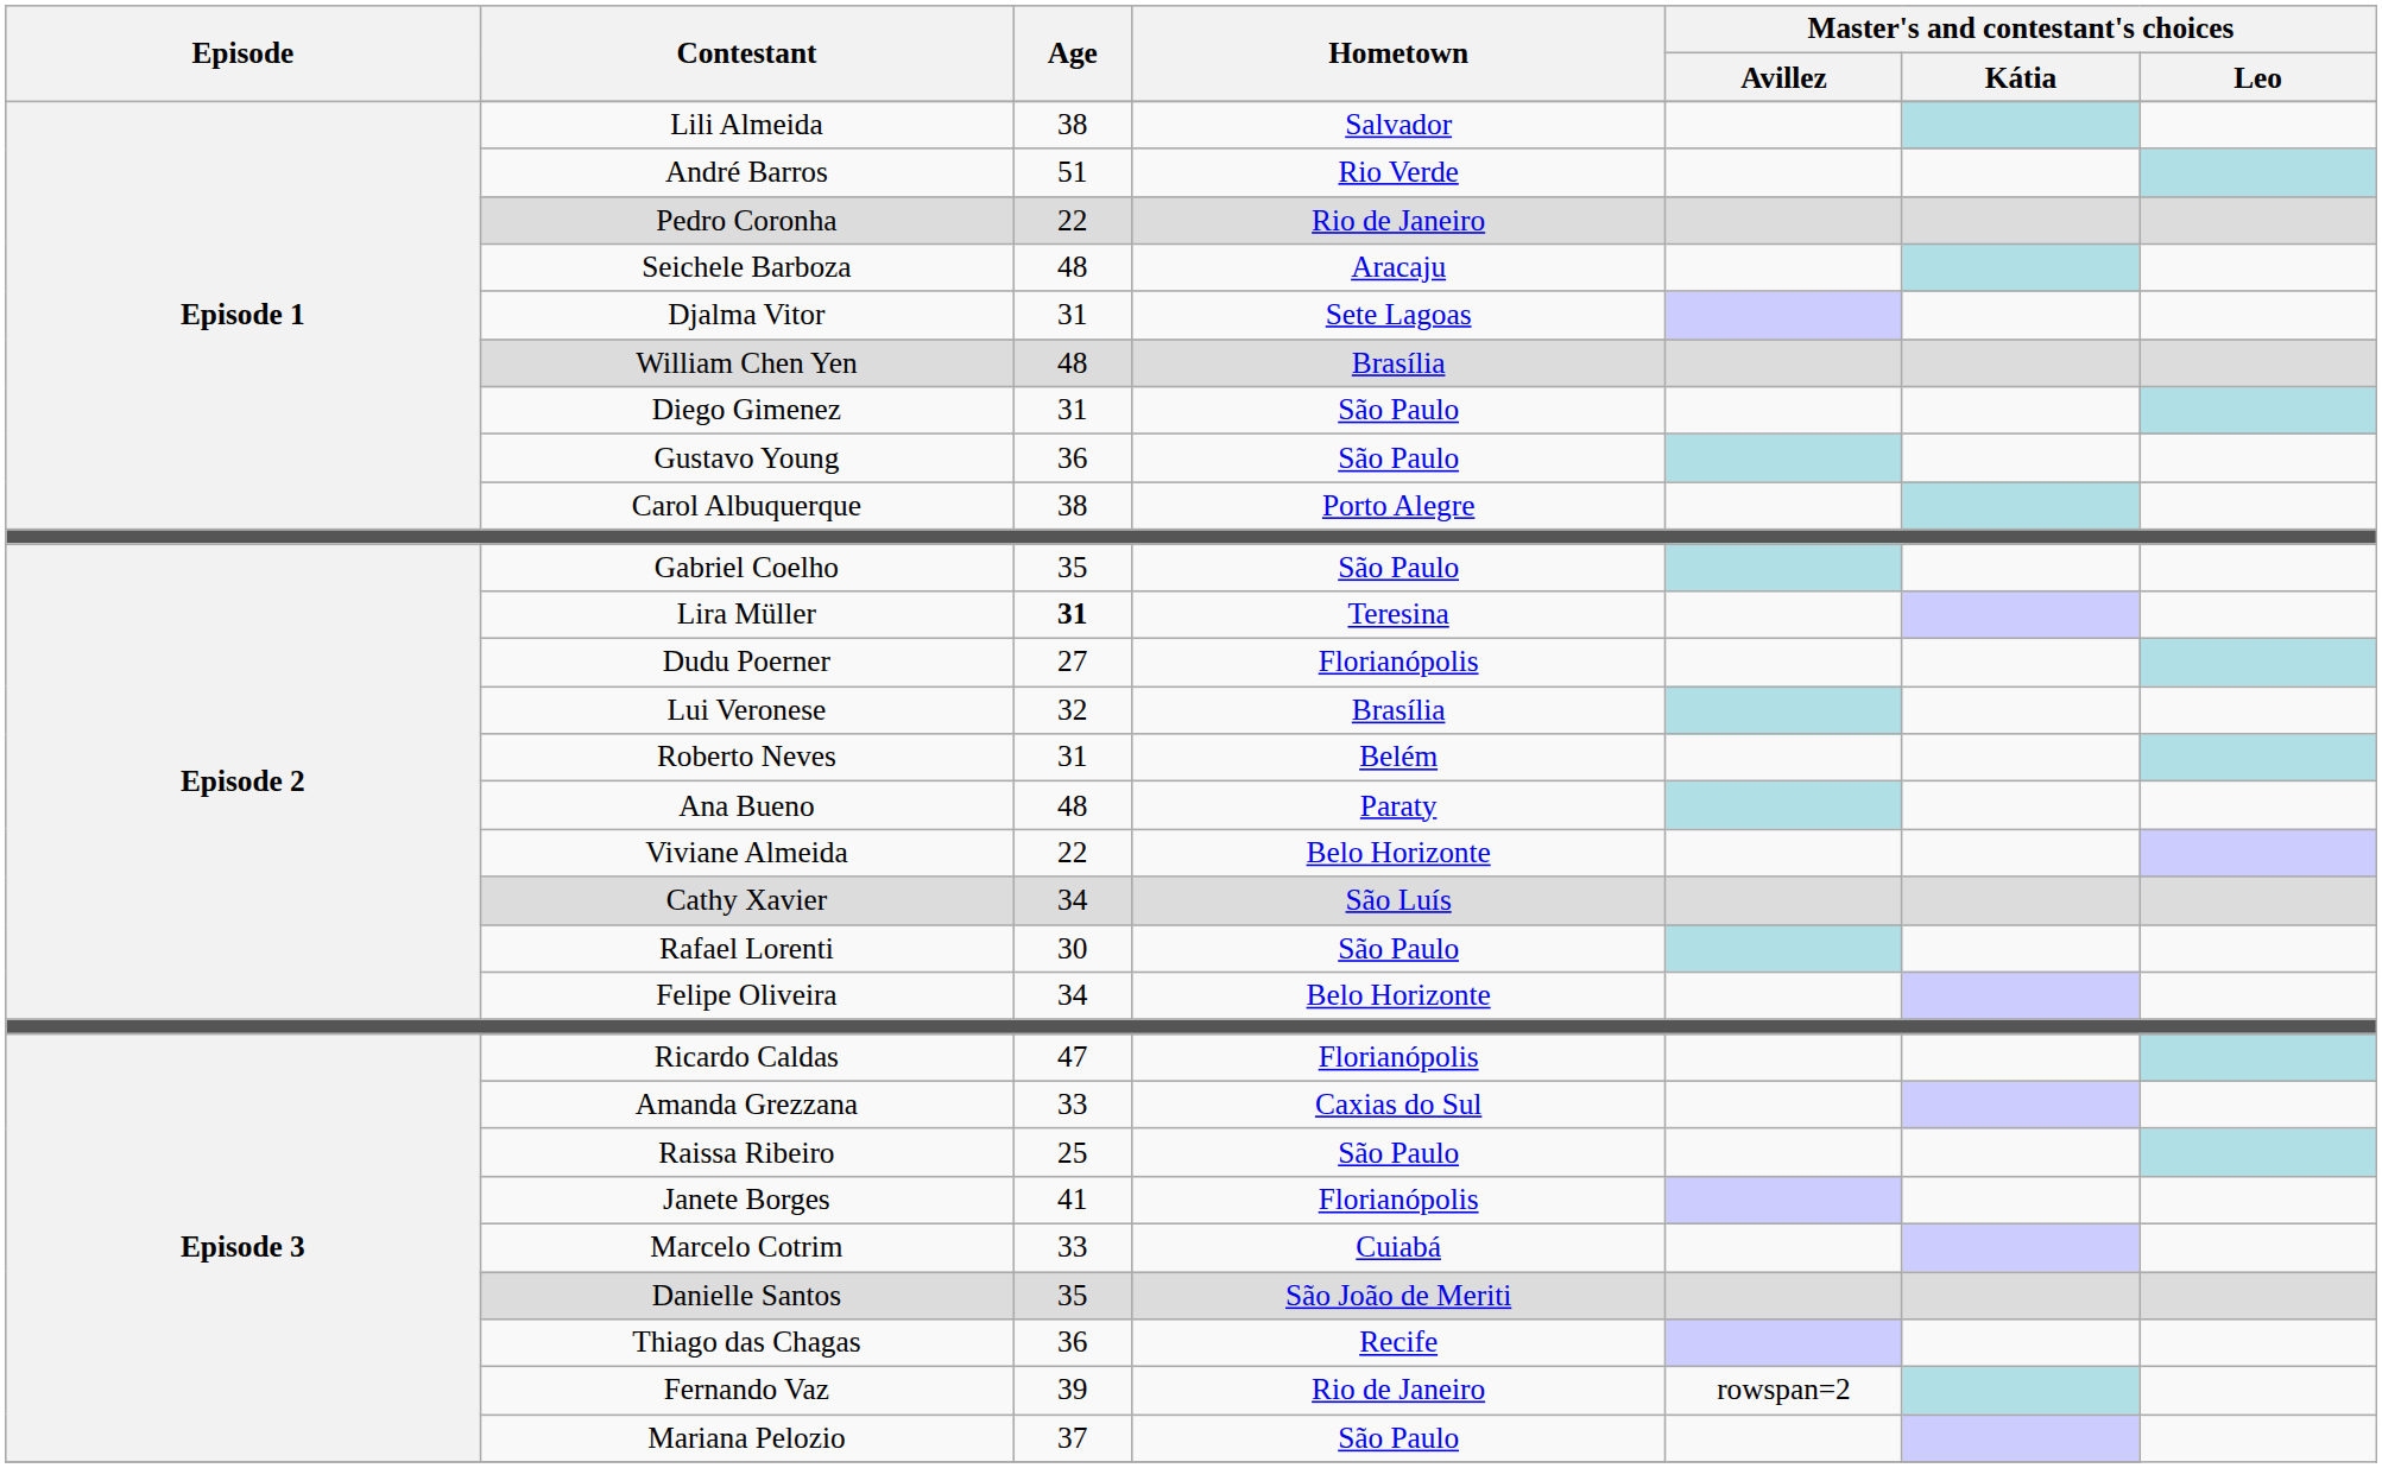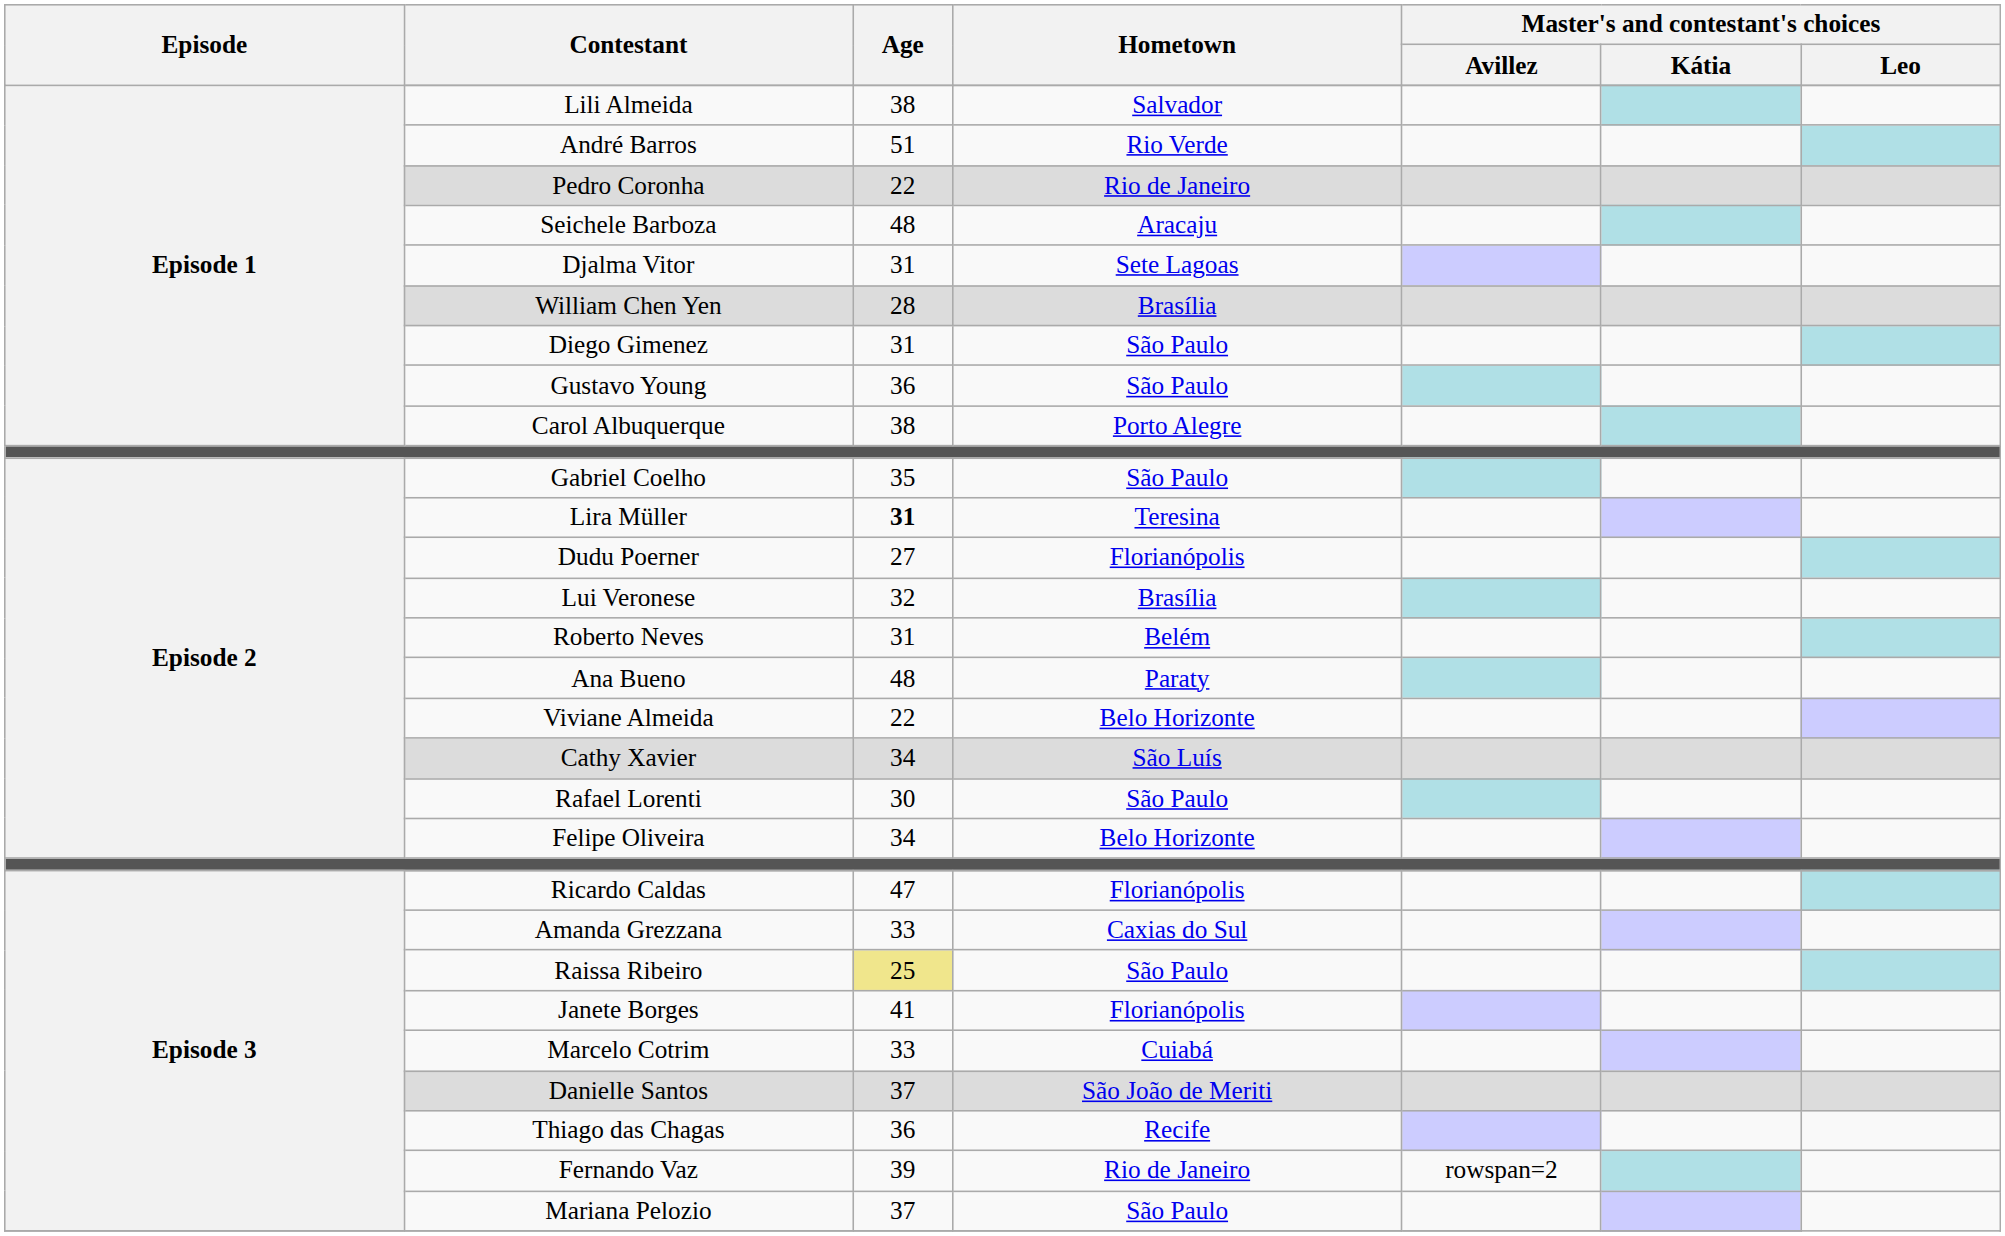 <table class="wikitable" style="text-align:center; width:100%;">
 <tr>
 <th scope="col" rowspan=2 width="20.0%">Episode</th>
 <th scope="col" rowspan=2 width="22.5%">Contestant</th>
 <th scope="col" rowspan=2 width="05.0%">Age</th>
 <th scope="col" rowspan=2 width="22.5%">Hometown</th>
 <th scope="col" colspan=3 width="30.0%">Master's and contestant's choices</th>
 </tr>
 <tr>
 <th width="10%">Avillez</th>
 <th width="10%">Kátia</th>
 <th width="10%">Leo</th>
 </tr>
 <tr>
 <th rowspan=10>Episode 1<br></th>
 </tr>
 <tr>
 <td>Lili Almeida</td>
 <td>38</td>
 <td><a href='#'>Salvador</a></td>
 <td></td>
 <td bgcolor=B0E0E6></td>
 <td></td>
 </tr>
 <tr>
 <td>André Barros</td>
 <td>51</td>
 <td><a href='#'>Rio Verde</a></td>
 <td></td>
 <td></td>
 <td bgcolor=B0E0E6></td>
 </tr>
 <tr bgcolor=DCDCDC>
 <td>Pedro Coronha</td>
 <td>22</td>
 <td><a href='#'>Rio de Janeiro</a></td>
 <td></td>
 <td></td>
 <td></td>
 </tr>
 <tr>
 <td>Seichele Barboza</td>
 <td>48</td>
 <td><a href='#'>Aracaju</a></td>
 <td></td>
 <td bgcolor=B0E0E6></td>
 <td></td>
 </tr>
 <tr>
 <td>Djalma Vitor</td>
 <td>31</td>
 <td><a href='#'>Sete Lagoas</a></td>
 <td bgcolor=CCCCFF></td>
 <td></td>
 <td></td>
 </tr>
 <tr bgcolor=DCDCDC>
 <td>William Chen Yen</td>
-<td>48</td>
+<td>28</td>
 <td><a href='#'>Brasília</a></td>
 <td></td>
 <td></td>
 <td></td>
 </tr>
 <tr>
 <td>Diego Gimenez</td>
 <td>31</td>
 <td><a href='#'>São Paulo</a></td>
 <td></td>
 <td></td>
 <td bgcolor=B0E0E6></td>
 </tr>
 <tr>
 <td>Gustavo Young</td>
 <td>36</td>
 <td><a href='#'>São Paulo</a></td>
 <td bgcolor=B0E0E6></td>
 <td></td>
 <td></td>
 </tr>
 <tr>
 <td>Carol Albuquerque</td>
 <td>38</td>
 <td><a href='#'>Porto Alegre</a></td>
 <td></td>
 <td bgcolor=B0E0E6></td>
 <td></td>
 </tr>
 <tr>
 <td colspan=7 bgcolor=555555></td>
 </tr>
 <tr>
 <th rowspan=10>Episode 2<br></th>
 <td>Gabriel Coelho</td>
 <td>35</td>
 <td><a href='#'>São Paulo</a></td>
 <td bgcolor=B0E0E6></td>
 <td></td>
 <td></td>
 </tr>
 <tr>
 <td>Lira Müller</td>
 <td><strong>31</strong></td>
 <td><a href='#'>Teresina</a></td>
 <td></td>
 <td bgcolor=CCCCFF></td>
 <td></td>
 </tr>
 <tr>
 <td>Dudu Poerner</td>
 <td>27</td>
 <td><a href='#'>Florianópolis</a></td>
 <td></td>
 <td></td>
 <td bgcolor=B0E0E6></td>
 </tr>
 <tr>
 <td>Lui Veronese</td>
 <td>32</td>
 <td><a href='#'>Brasília</a></td>
 <td bgcolor=B0E0E6></td>
 <td></td>
 <td></td>
 </tr>
 <tr>
 <td>Roberto Neves</td>
 <td>31</td>
 <td><a href='#'>Belém</a></td>
 <td></td>
 <td></td>
 <td bgcolor=B0E0E6></td>
 </tr>
 <tr>
 <td>Ana Bueno</td>
 <td>48</td>
 <td><a href='#'>Paraty</a></td>
 <td bgcolor=B0E0E6></td>
 <td></td>
 <td></td>
 </tr>
 <tr>
 <td>Viviane Almeida</td>
 <td>22</td>
 <td><a href='#'>Belo Horizonte</a></td>
 <td></td>
 <td></td>
 <td bgcolor=CCCCFF></td>
 </tr>
 <tr bgcolor=DCDCDC>
 <td>Cathy Xavier</td>
 <td>34</td>
 <td><a href='#'>São Luís</a></td>
 <td></td>
 <td></td>
 <td></td>
 </tr>
 <tr>
 <td>Rafael Lorenti</td>
 <td>30</td>
 <td><a href='#'>São Paulo</a></td>
 <td bgcolor=B0E0E6></td>
 <td></td>
 <td></td>
 </tr>
 <tr>
 <td>Felipe Oliveira</td>
 <td>34</td>
 <td><a href='#'>Belo Horizonte</a></td>
 <td></td>
 <td bgcolor=CCCCFF></td>
 <td></td>
 </tr>
 <tr>
 <td colspan=7 bgcolor=555555></td>
 </tr>
 <tr>
 <th rowspan=10>Episode 3<br></th>
 </tr>
 <tr>
 <td>Ricardo Caldas</td>
 <td>47</td>
 <td><a href='#'>Florianópolis</a></td>
 <td></td>
 <td></td>
 <td bgcolor=B0E0E6></td>
 </tr>
 <tr>
 <td>Amanda Grezzana</td>
 <td>33</td>
 <td><a href='#'>Caxias do Sul</a></td>
 <td></td>
 <td bgcolor=CCCCFF></td>
 <td></td>
 </tr>
 <tr>
 <td>Raissa Ribeiro</td>
-<td>25</td>
+<td style="background: khaki;">25</td>
 <td><a href='#'>São Paulo</a></td>
 <td></td>
 <td></td>
 <td bgcolor=B0E0E6></td>
 </tr>
 <tr>
 <td>Janete Borges</td>
 <td>41</td>
 <td><a href='#'>Florianópolis</a></td>
 <td bgcolor=CCCCFF></td>
 <td></td>
 <td></td>
 </tr>
 <tr>
 <td>Marcelo Cotrim</td>
 <td>33</td>
 <td><a href='#'>Cuiabá</a></td>
 <td></td>
 <td bgcolor=CCCCFF></td>
 <td></td>
 </tr>
 <tr bgcolor=DCDCDC>
 <td>Danielle Santos</td>
-<td>35</td>
+<td>37</td>
 <td><a href='#'>São João de Meriti</a></td>
 <td></td>
 <td></td>
 <td></td>
 </tr>
 <tr>
 <td>Thiago das Chagas</td>
 <td>36</td>
 <td><a href='#'>Recife</a></td>
 <td bgcolor=CCCCFF></td>
 <td></td>
 <td></td>
 </tr>
 <tr>
 <td>Fernando Vaz</td>
 <td>39</td>
 <td><a href='#'>Rio de Janeiro</a></td>
 <td>rowspan=2 </td>
 <td bgcolor=B0E0E6></td>
 <td></td>
 </tr>
 <tr>
 <td>Mariana Pelozio</td>
 <td>37</td>
 <td><a href='#'>São Paulo</a></td>
 <td></td>
 <td bgcolor=CCCCFF></td>
 </tr>
 <tr>
 </tr>
 </table>
